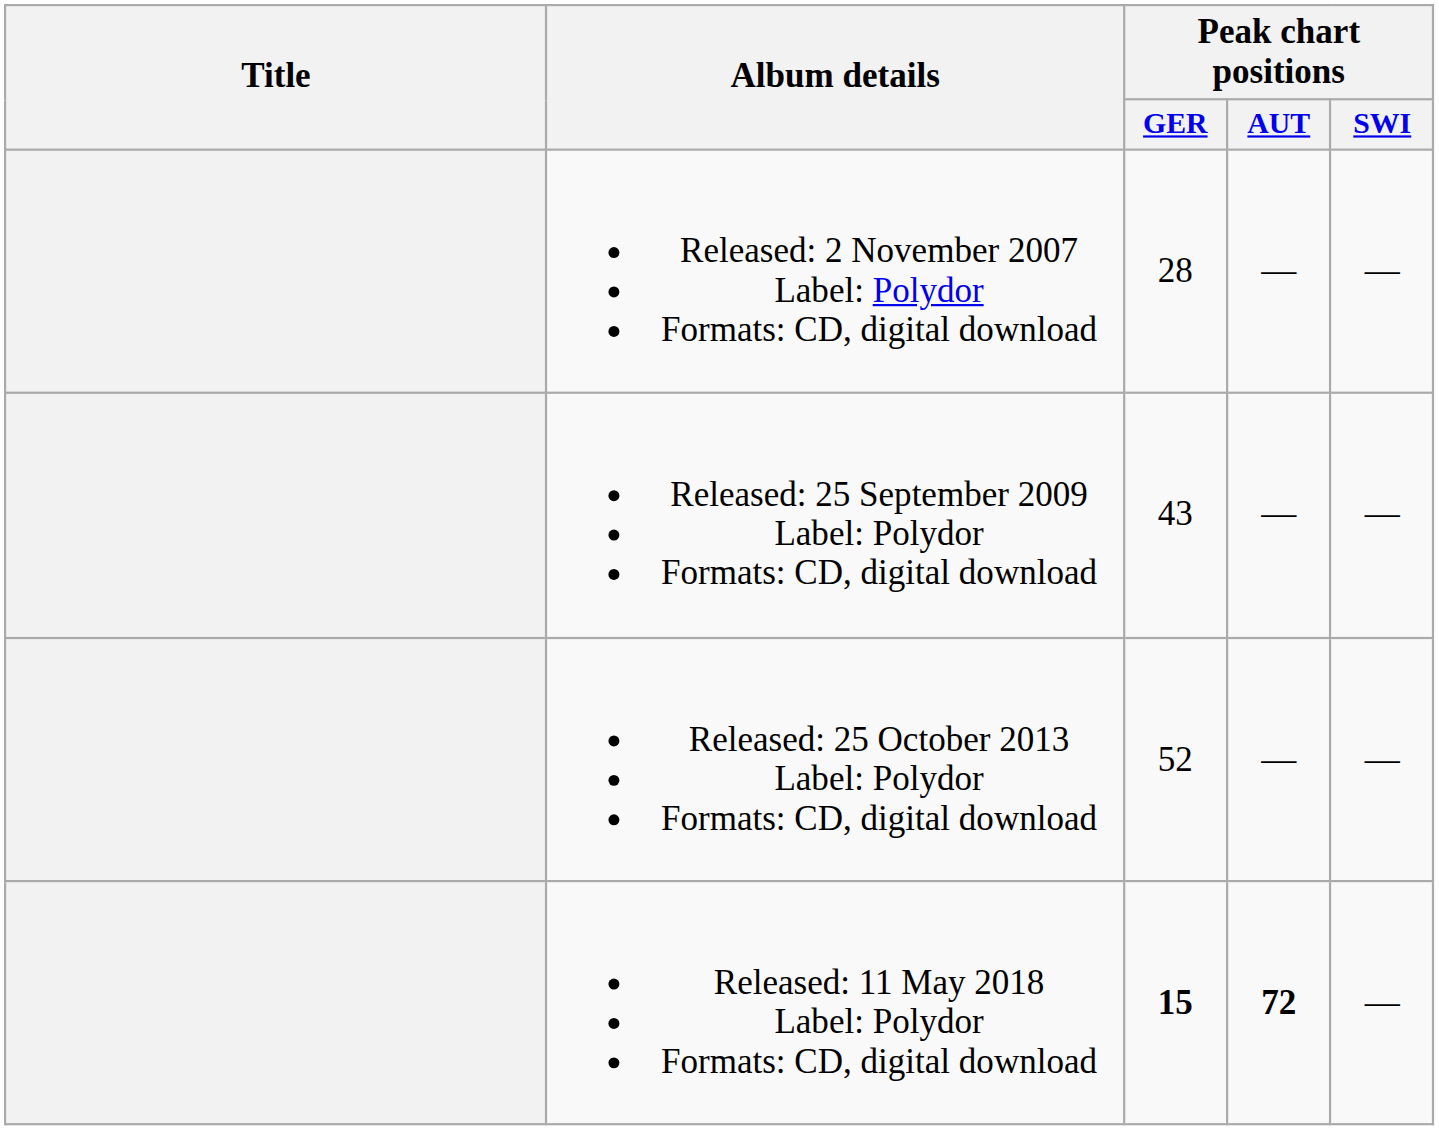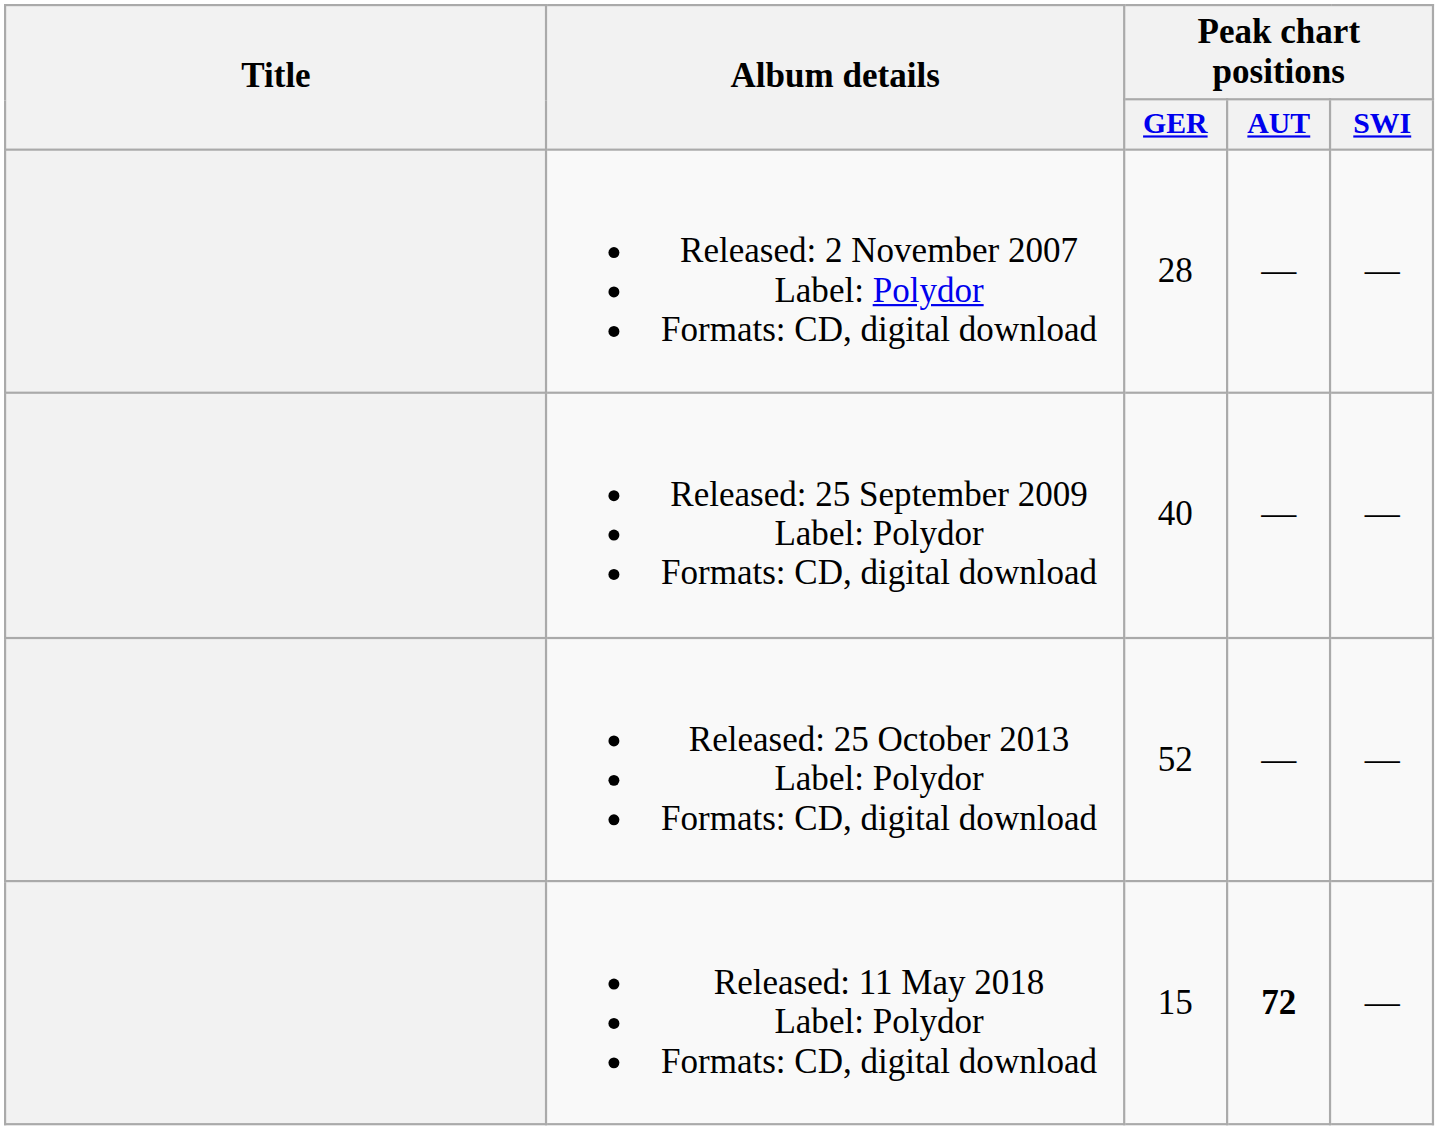 <table class="wikitable plainrowheaders" style="text-align:center;" border="1">
 <tr>
 <th scope="col" rowspan="2" style="width:15em;">Title</th>
 <th scope="col" rowspan="2" style="width:16em;">Album details</th>
 <th scope="col" colspan="3">Peak chart positions</th>
 </tr>
 <tr>
 <th style="width:3em;font-size:85%"><a href='#'>GER</a><br></th>
 <th style="width:3em;font-size:85%"><a href='#'>AUT</a><br></th>
 <th style="width:3em;font-size:85%"><a href='#'>SWI</a><br></th>
 </tr>
 <tr>
 <th scope="row"></th>
 <td><br><ul><li>Released: 2 November 2007</li><li>Label: <a href='#'>Polydor</a></li><li>Formats: CD, digital download</li></ul></td>
 <td>28</td>
 <td>—</td>
 <td>—</td>
 </tr>
 <tr>
 <th scope="row"></th>
 <td><br><ul><li>Released: 25 September 2009</li><li>Label: Polydor</li><li>Formats: CD, digital download</li></ul></td>
-<td>43</td>
+<td>40</td>
 <td>—</td>
 <td>—</td>
 </tr>
 <tr>
 <th scope="row"></th>
 <td><br><ul><li>Released: 25 October 2013</li><li>Label: Polydor</li><li>Formats: CD, digital download</li></ul></td>
 <td>52</td>
 <td>—</td>
 <td>—</td>
 </tr>
 <tr>
 <th scope="row"></th>
 <td><br><ul><li>Released: 11 May 2018</li><li>Label: Polydor</li><li>Formats: CD, digital download</li></ul></td>
-<td><strong>15</strong></td>
+<td>15</td>
 <td><strong>72</strong></td>
 <td>—</td>
 </tr>
 </table>
